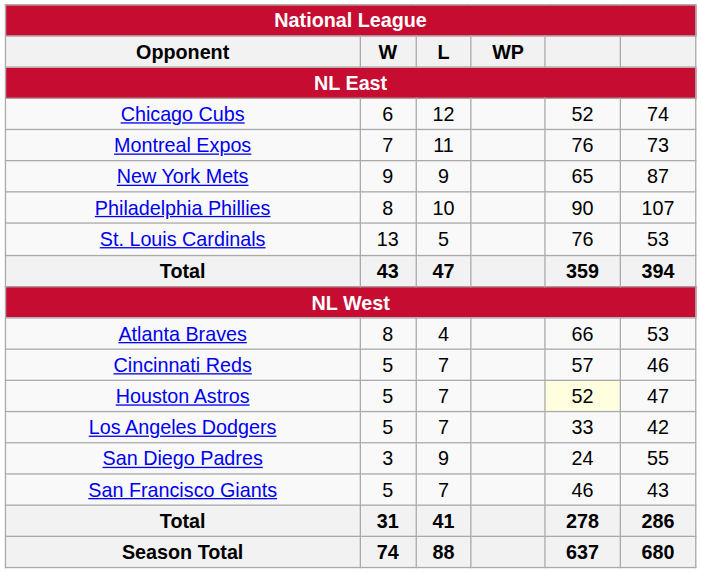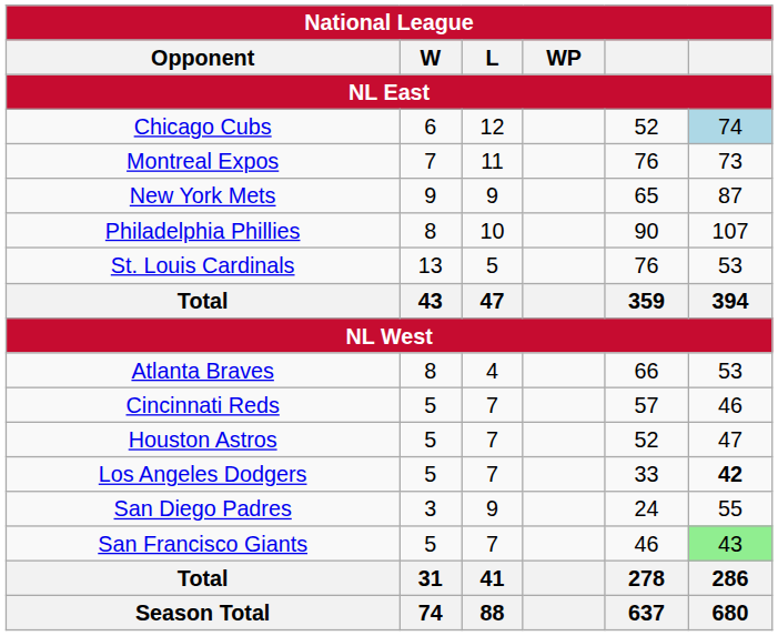 <table class="wikitable" style="font-size:95%; text-align:center; width:35em;margin: 0.5em auto;">
 <tr>
 <td colspan="7" style="background:#c60c30;color:#fff"><strong>National League</strong></td>
 </tr>
 <tr>
 <th>Opponent</th>
 <th>W</th>
 <th>L</th>
 <th>WP</th>
 <th></th>
 <th></th>
 </tr>
 <tr>
 <td colspan="7" style="background:#c60c30;color:#fff"><strong>NL East</strong></td>
 </tr>
 <tr>
 <td><a href='#'>Chicago Cubs</a></td>
 <td>6</td>
 <td>12</td>
 <td></td>
 <td>52</td>
-<td>74</td>
+<td style="background: lightblue;">74</td>
 </tr>
 <tr>
 <td><a href='#'>Montreal Expos</a></td>
 <td>7</td>
 <td>11</td>
 <td></td>
 <td>76</td>
 <td>73</td>
 </tr>
 <tr>
 <td><a href='#'>New York Mets</a></td>
 <td>9</td>
 <td>9</td>
 <td></td>
 <td>65</td>
 <td>87</td>
 </tr>
 <tr>
 <td><a href='#'>Philadelphia Phillies</a></td>
 <td>8</td>
 <td>10</td>
 <td></td>
 <td>90</td>
 <td>107</td>
 </tr>
 <tr>
 <td><a href='#'>St. Louis Cardinals</a></td>
 <td>13</td>
 <td>5</td>
 <td></td>
 <td>76</td>
 <td>53</td>
 </tr>
 <tr>
 <th>Total</th>
 <th>43</th>
 <th>47</th>
 <th></th>
 <th>359</th>
 <th>394</th>
 </tr>
 <tr>
 <td colspan="7" style="background:#c60c30;color:#fff"><strong>NL West</strong></td>
 </tr>
 <tr>
 <td><a href='#'>Atlanta Braves</a></td>
 <td>8</td>
 <td>4</td>
 <td></td>
 <td>66</td>
 <td>53</td>
 </tr>
 <tr>
 <td><a href='#'>Cincinnati Reds</a></td>
 <td>5</td>
 <td>7</td>
 <td></td>
 <td>57</td>
 <td>46</td>
 </tr>
 <tr>
 <td><a href='#'>Houston Astros</a></td>
 <td>5</td>
 <td>7</td>
 <td></td>
-<td style="background: lightyellow;">52</td>
+<td>52</td>
 <td>47</td>
 </tr>
 <tr>
 <td><a href='#'>Los Angeles Dodgers</a></td>
 <td>5</td>
 <td>7</td>
 <td></td>
 <td>33</td>
-<td>42</td>
+<td><strong>42</strong></td>
 </tr>
 <tr>
 <td><a href='#'>San Diego Padres</a></td>
 <td>3</td>
 <td>9</td>
 <td></td>
 <td>24</td>
 <td>55</td>
 </tr>
 <tr>
 <td><a href='#'>San Francisco Giants</a></td>
 <td>5</td>
 <td>7</td>
 <td></td>
 <td>46</td>
-<td>43</td>
+<td style="background: lightgreen;">43</td>
 </tr>
 <tr>
 <th>Total</th>
 <th>31</th>
 <th>41</th>
 <th></th>
 <th>278</th>
 <th>286</th>
 </tr>
 <tr>
 <th>Season Total</th>
 <th>74</th>
 <th>88</th>
 <th></th>
 <th>637</th>
 <th>680</th>
 </tr>
 </table>
